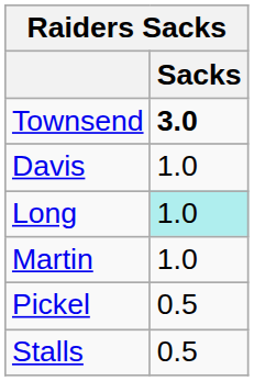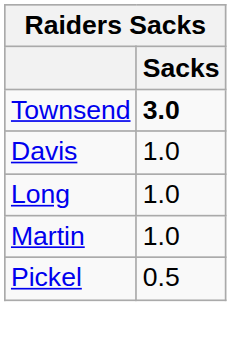 <table class="wikitable">
 <tr>
 <th colspan="2">Raiders Sacks</th>
 </tr>
 <tr>
 <th></th>
 <th>Sacks</th>
 </tr>
 <tr>
 <td><a href='#'>Townsend</a></td>
 <td><strong>3.0</strong></td>
 </tr>
 <tr>
 <td><a href='#'>Davis</a></td>
 <td>1.0</td>
 </tr>
 <tr>
 <td><a href='#'>Long</a></td>
-<td style="background: paleturquoise;">1.0</td>
+<td>1.0</td>
 </tr>
 <tr>
 <td><a href='#'>Martin</a></td>
 <td>1.0</td>
 </tr>
 <tr>
 <td><a href='#'>Pickel</a></td>
 <td>0.5</td>
 </tr>
-<tr>
-<td><a href='#'>Stalls</a></td>
-<td>0.5</td>
-</tr>
 </table>
